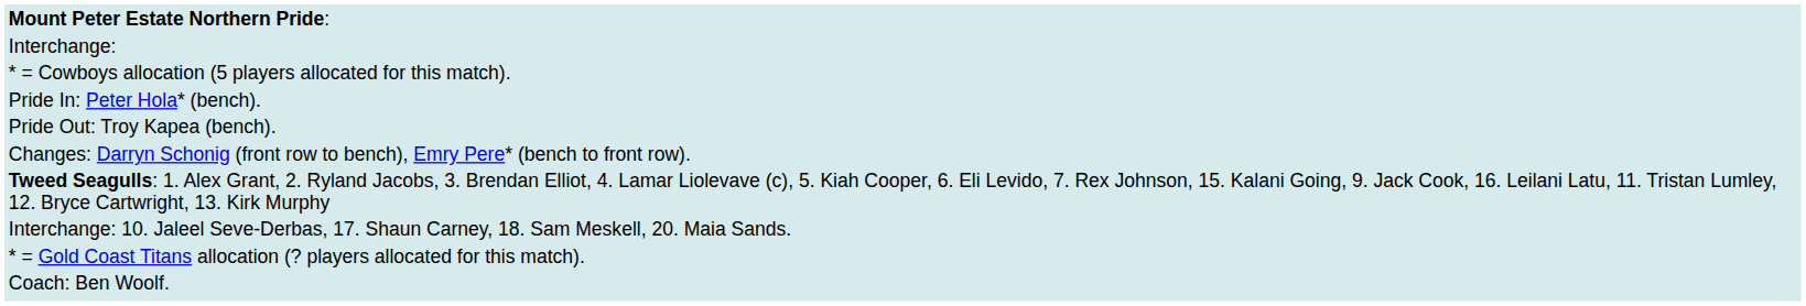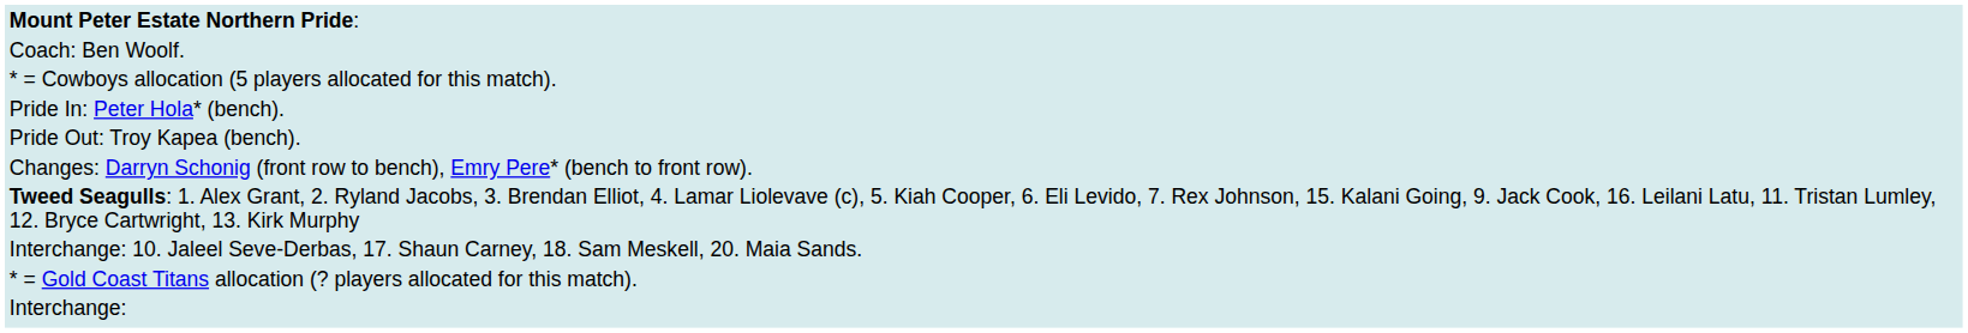 <table style="background:#d7ebed; font-size:85%; width:100%;">
 <tr>
 <td><strong>Mount Peter Estate Northern Pride</strong>:             </td>
 </tr>
 <tr>
-<td>Interchange:    </td>
+<td>Coach: Ben Woolf.</td>
 </tr>
 <tr>
 <td>* = Cowboys allocation (5 players allocated for this match).</td>
 </tr>
 <tr>
 <td>Pride In: <a href='#'>Peter Hola</a>* (bench).</td>
 </tr>
 <tr>
 <td>Pride Out: Troy Kapea (bench).</td>
 </tr>
 <tr>
 <td>Changes: <a href='#'>Darryn Schonig</a> (front row to bench), <a href='#'>Emry Pere</a>* (bench to front row).</td>
 </tr>
 <tr>
 <td><strong>Tweed Seagulls</strong>: 1. Alex Grant, 2. Ryland Jacobs, 3. Brendan Elliot, 4. Lamar Liolevave (c), 5. Kiah Cooper, 6. Eli Levido, 7. Rex Johnson, 15. Kalani Going, 9. Jack Cook, 16. Leilani Latu, 11. Tristan Lumley, 12. Bryce Cartwright, 13. Kirk Murphy</td>
 </tr>
 <tr>
 <td>Interchange: 10. Jaleel Seve-Derbas, 17. Shaun Carney, 18. Sam Meskell, 20. Maia Sands.</td>
 </tr>
 <tr>
 <td>* = <a href='#'>Gold Coast Titans</a> allocation (? players allocated for this match).</td>
 </tr>
 <tr>
-<td>Coach: Ben Woolf.</td>
+<td>Interchange:    </td>
 </tr>
 <tr>
 </tr>
 </table>
